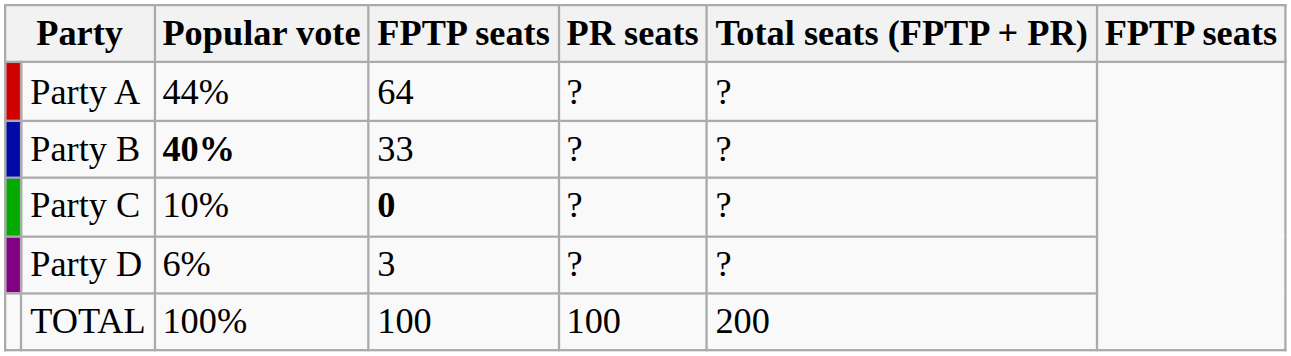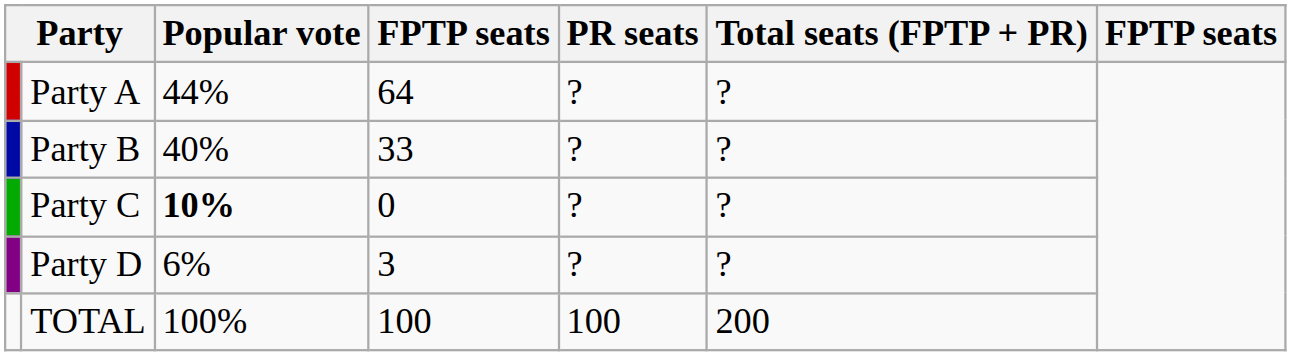 <table class="wikitable">
 <tr>
 <th colspan="2">Party</th>
 <th>Popular vote</th>
 <th>FPTP seats</th>
 <th>PR seats</th>
 <th>Total seats (FPTP + PR)</th>
 <th>FPTP seats</th>
 </tr>
 <tr>
 <td style="background:#D10000"></td>
 <td>Party A</td>
 <td>44%</td>
 <td>64</td>
 <td>?</td>
 <td>?</td>
 <td rowspan="5"></td>
 </tr>
 <tr>
 <td style="background:#0008A5"></td>
 <td>Party B</td>
-<td><strong>40%</strong></td>
+<td>40%</td>
 <td>33</td>
 <td>?</td>
 <td>?</td>
 </tr>
 <tr>
 <td style="background:#03AA00"></td>
 <td>Party C</td>
-<td>10%</td>
-<td><strong>0</strong></td>
+<td><strong>10%</strong></td>
+<td>0</td>
 <td>?</td>
 <td>?</td>
 </tr>
 <tr>
 <td style="background:#820084"></td>
 <td>Party D</td>
 <td>6%</td>
 <td>3</td>
 <td>?</td>
 <td>?</td>
 </tr>
 <tr>
 <td></td>
 <td>TOTAL</td>
 <td>100%</td>
 <td>100</td>
 <td>100</td>
 <td>200</td>
 </tr>
 </table>
